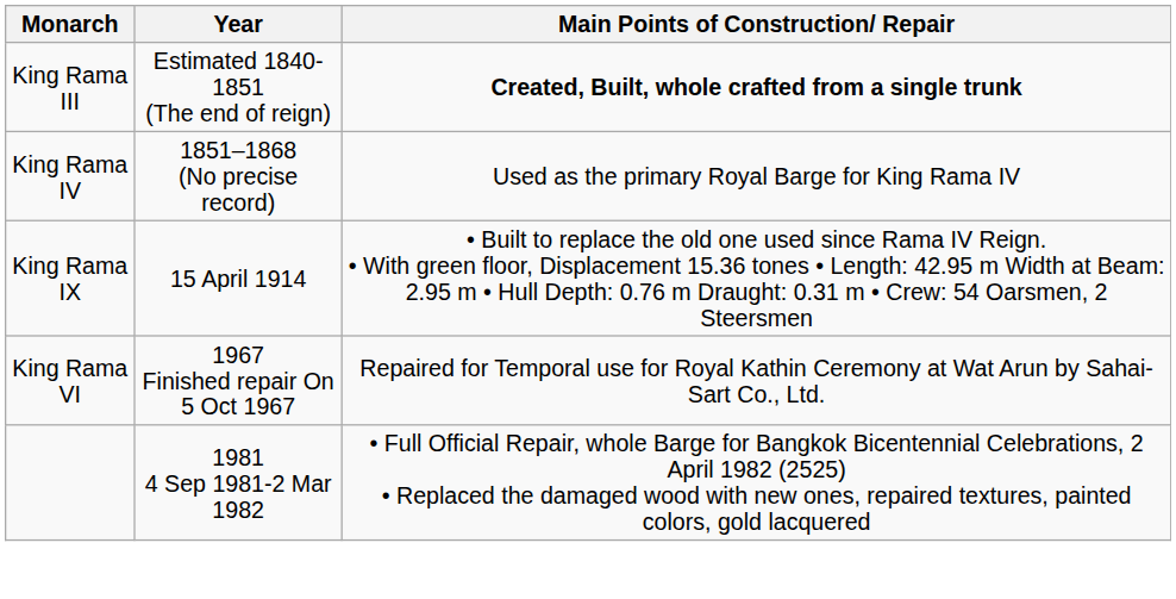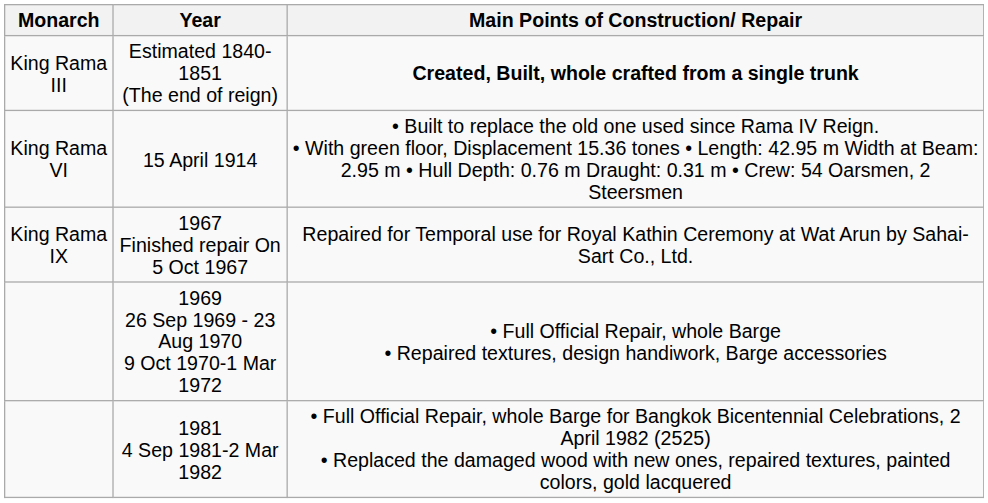 <table class="wikitable" style="width: 50em; text-align: left; font-size: 95%; text-align:center;">
 <tr>
 <th>Monarch</th>
 <th>Year</th>
 <th>Main Points of Construction/ Repair</th>
 </tr>
 <tr>
 <td>King Rama III</td>
 <td>Estimated 1840-1851<br>(The end of reign)</td>
 <td><strong>Created, Built, whole crafted from a single trunk</strong></td>
 </tr>
 <tr>
-<td>King Rama IV</td>
-<td>1851–1868<br>(No precise record)</td>
-<td>Used as the primary Royal Barge for King Rama IV</td>
-</tr>
-<tr>
-<td>King Rama IX</td>
+<td>King Rama VI</td>
 <td>15 April 1914</td>
 <td>•	Built to replace the old one used since Rama IV Reign.<br>•	With green floor, Displacement 15.36 tones •	Length: 42.95 m Width at Beam: 2.95 m •	Hull Depth: 0.76 m Draught: 0.31 m  •	Crew: 54 Oarsmen, 2 Steersmen</td>
 </tr>
 <tr>
-<td>King Rama VI</td>
+<td>King Rama IX</td>
 <td>1967<br>Finished repair  On 5 Oct 1967</td>
 <td>Repaired for Temporal use for Royal Kathin Ceremony at Wat Arun by Sahai-Sart Co., Ltd.</td>
+</tr>
+<tr>
+<td></td>
+<td>1969<br>26 Sep 1969 - 23 Aug 1970<br>9 Oct 1970-1 Mar 1972</td>
+<td>•	Full Official Repair, whole Barge<br>•	Repaired textures, design handiwork, Barge accessories</td>
 </tr>
 <tr>
 <td></td>
 <td>1981<br>4 Sep 1981-2 Mar 1982</td>
 <td>•	Full Official Repair, whole Barge for Bangkok Bicentennial Celebrations, 2 April 1982 (2525)<br>•	Replaced the damaged wood with new ones, repaired textures, painted colors, gold lacquered</td>
 </tr>
 </table>
